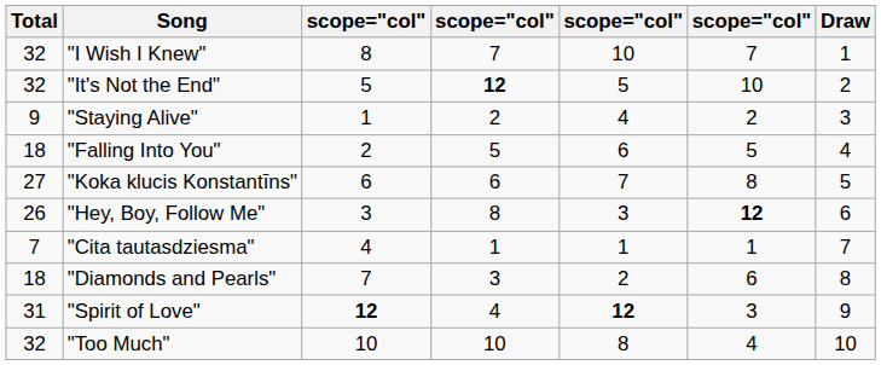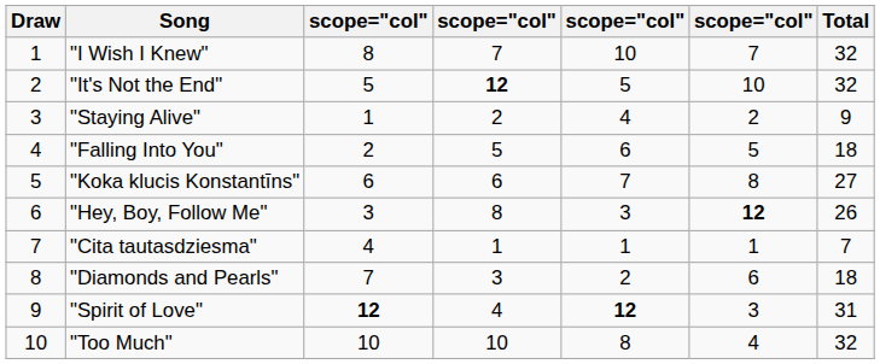 <table class="wikitable plainrowheaders" style="margin: 1em auto 1em auto; text-align:center;">
 <tr>
-<th scope="col">Total</th>
+<th scope="col">Draw</th>
 <th scope="col">Song</th>
 <th>scope="col" </th>
 <th>scope="col" </th>
 <th>scope="col" </th>
 <th>scope="col" </th>
-<th scope="col">Draw</th>
+<th scope="col">Total</th>
 </tr>
 <tr>
-<td>32</td>
+<td>1</td>
 <td align="left">"I Wish I Knew"</td>
 <td>8</td>
 <td>7</td>
 <td>10</td>
 <td>7</td>
-<td>1</td>
+<td>32</td>
 </tr>
 <tr>
-<td>32</td>
+<td>2</td>
 <td align="left">"It's Not the End"</td>
 <td>5</td>
 <td><strong>12</strong></td>
 <td>5</td>
 <td>10</td>
-<td>2</td>
+<td>32</td>
 </tr>
 <tr>
-<td>9</td>
+<td>3</td>
 <td align="left">"Staying Alive"</td>
 <td>1</td>
 <td>2</td>
 <td>4</td>
 <td>2</td>
-<td>3</td>
+<td>9</td>
 </tr>
 <tr>
-<td>18</td>
+<td>4</td>
 <td align="left">"Falling Into You"</td>
 <td>2</td>
 <td>5</td>
 <td>6</td>
 <td>5</td>
-<td>4</td>
+<td>18</td>
 </tr>
 <tr>
-<td>27</td>
+<td>5</td>
 <td align="left">"Koka klucis Konstantīns"</td>
 <td>6</td>
 <td>6</td>
 <td>7</td>
 <td>8</td>
-<td>5</td>
+<td>27</td>
 </tr>
 <tr>
-<td>26</td>
+<td>6</td>
 <td align="left">"Hey, Boy, Follow Me"</td>
 <td>3</td>
 <td>8</td>
 <td>3</td>
 <td><strong>12</strong></td>
-<td>6</td>
+<td>26</td>
 </tr>
 <tr>
 <td>7</td>
 <td align="left">"Cita tautasdziesma"</td>
 <td>4</td>
 <td>1</td>
 <td>1</td>
 <td>1</td>
 <td>7</td>
 </tr>
 <tr>
-<td>18</td>
+<td>8</td>
 <td align="left">"Diamonds and Pearls"</td>
 <td>7</td>
 <td>3</td>
 <td>2</td>
 <td>6</td>
-<td>8</td>
+<td>18</td>
 </tr>
 <tr>
-<td>31</td>
+<td>9</td>
 <td align="left">"Spirit of Love"</td>
 <td><strong>12</strong></td>
 <td>4</td>
 <td><strong>12</strong></td>
 <td>3</td>
-<td>9</td>
+<td>31</td>
 </tr>
 <tr>
-<td>32</td>
+<td>10</td>
 <td align="left">"Too Much"</td>
 <td>10</td>
 <td>10</td>
 <td>8</td>
 <td>4</td>
-<td>10</td>
+<td>32</td>
 </tr>
 </table>
